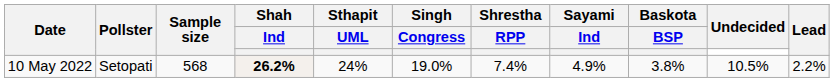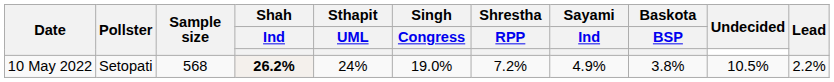 <table class="wikitable sortable" style="text-align:center;font-size:95%;line-height:16px">
 <tr>
 <th rowspan="3">Date</th>
 <th rowspan="3">Pollster</th>
 <th rowspan="3" style="width:75px;">Sample size</th>
 <th style="width:75px;">Shah</th>
 <th style="width:75px;">Sthapit</th>
 <th style="width:75px;">Singh</th>
 <th style="width:75px;">Shrestha</th>
 <th style="width:75px;">Sayami</th>
 <th style="width:75px;">Baskota</th>
 <th rowspan="2">Undecided</th>
 <th rowspan="3">Lead</th>
 </tr>
 <tr>
 <th><a href='#'>Ind</a></th>
 <th><a href='#'>UML</a></th>
 <th><a href='#'>Congress</a></th>
 <th><a href='#'>RPP</a></th>
 <th><a href='#'>Ind</a></th>
 <th><a href='#'>BSP</a></th>
 </tr>
 <tr>
 <th style="background:"></th>
 <th style="background:"></th>
 <th style="background:"></th>
 <th style="background:"></th>
 <th style="background:"></th>
 <th style="background:"></th>
 <th style="background:white"></th>
 </tr>
 <tr>
 <td>10 May 2022</td>
 <td>Setopati</td>
 <td>568</td>
 <td style="background:#f4f0ec;"><strong>26.2%</strong></td>
 <td>24%</td>
 <td>19.0%</td>
-<td>7.4%</td>
+<td>7.2%</td>
 <td>4.9%</td>
 <td>3.8%</td>
 <td>10.5%</td>
 <td style="background:">2.2%</td>
 </tr>
 </table>
